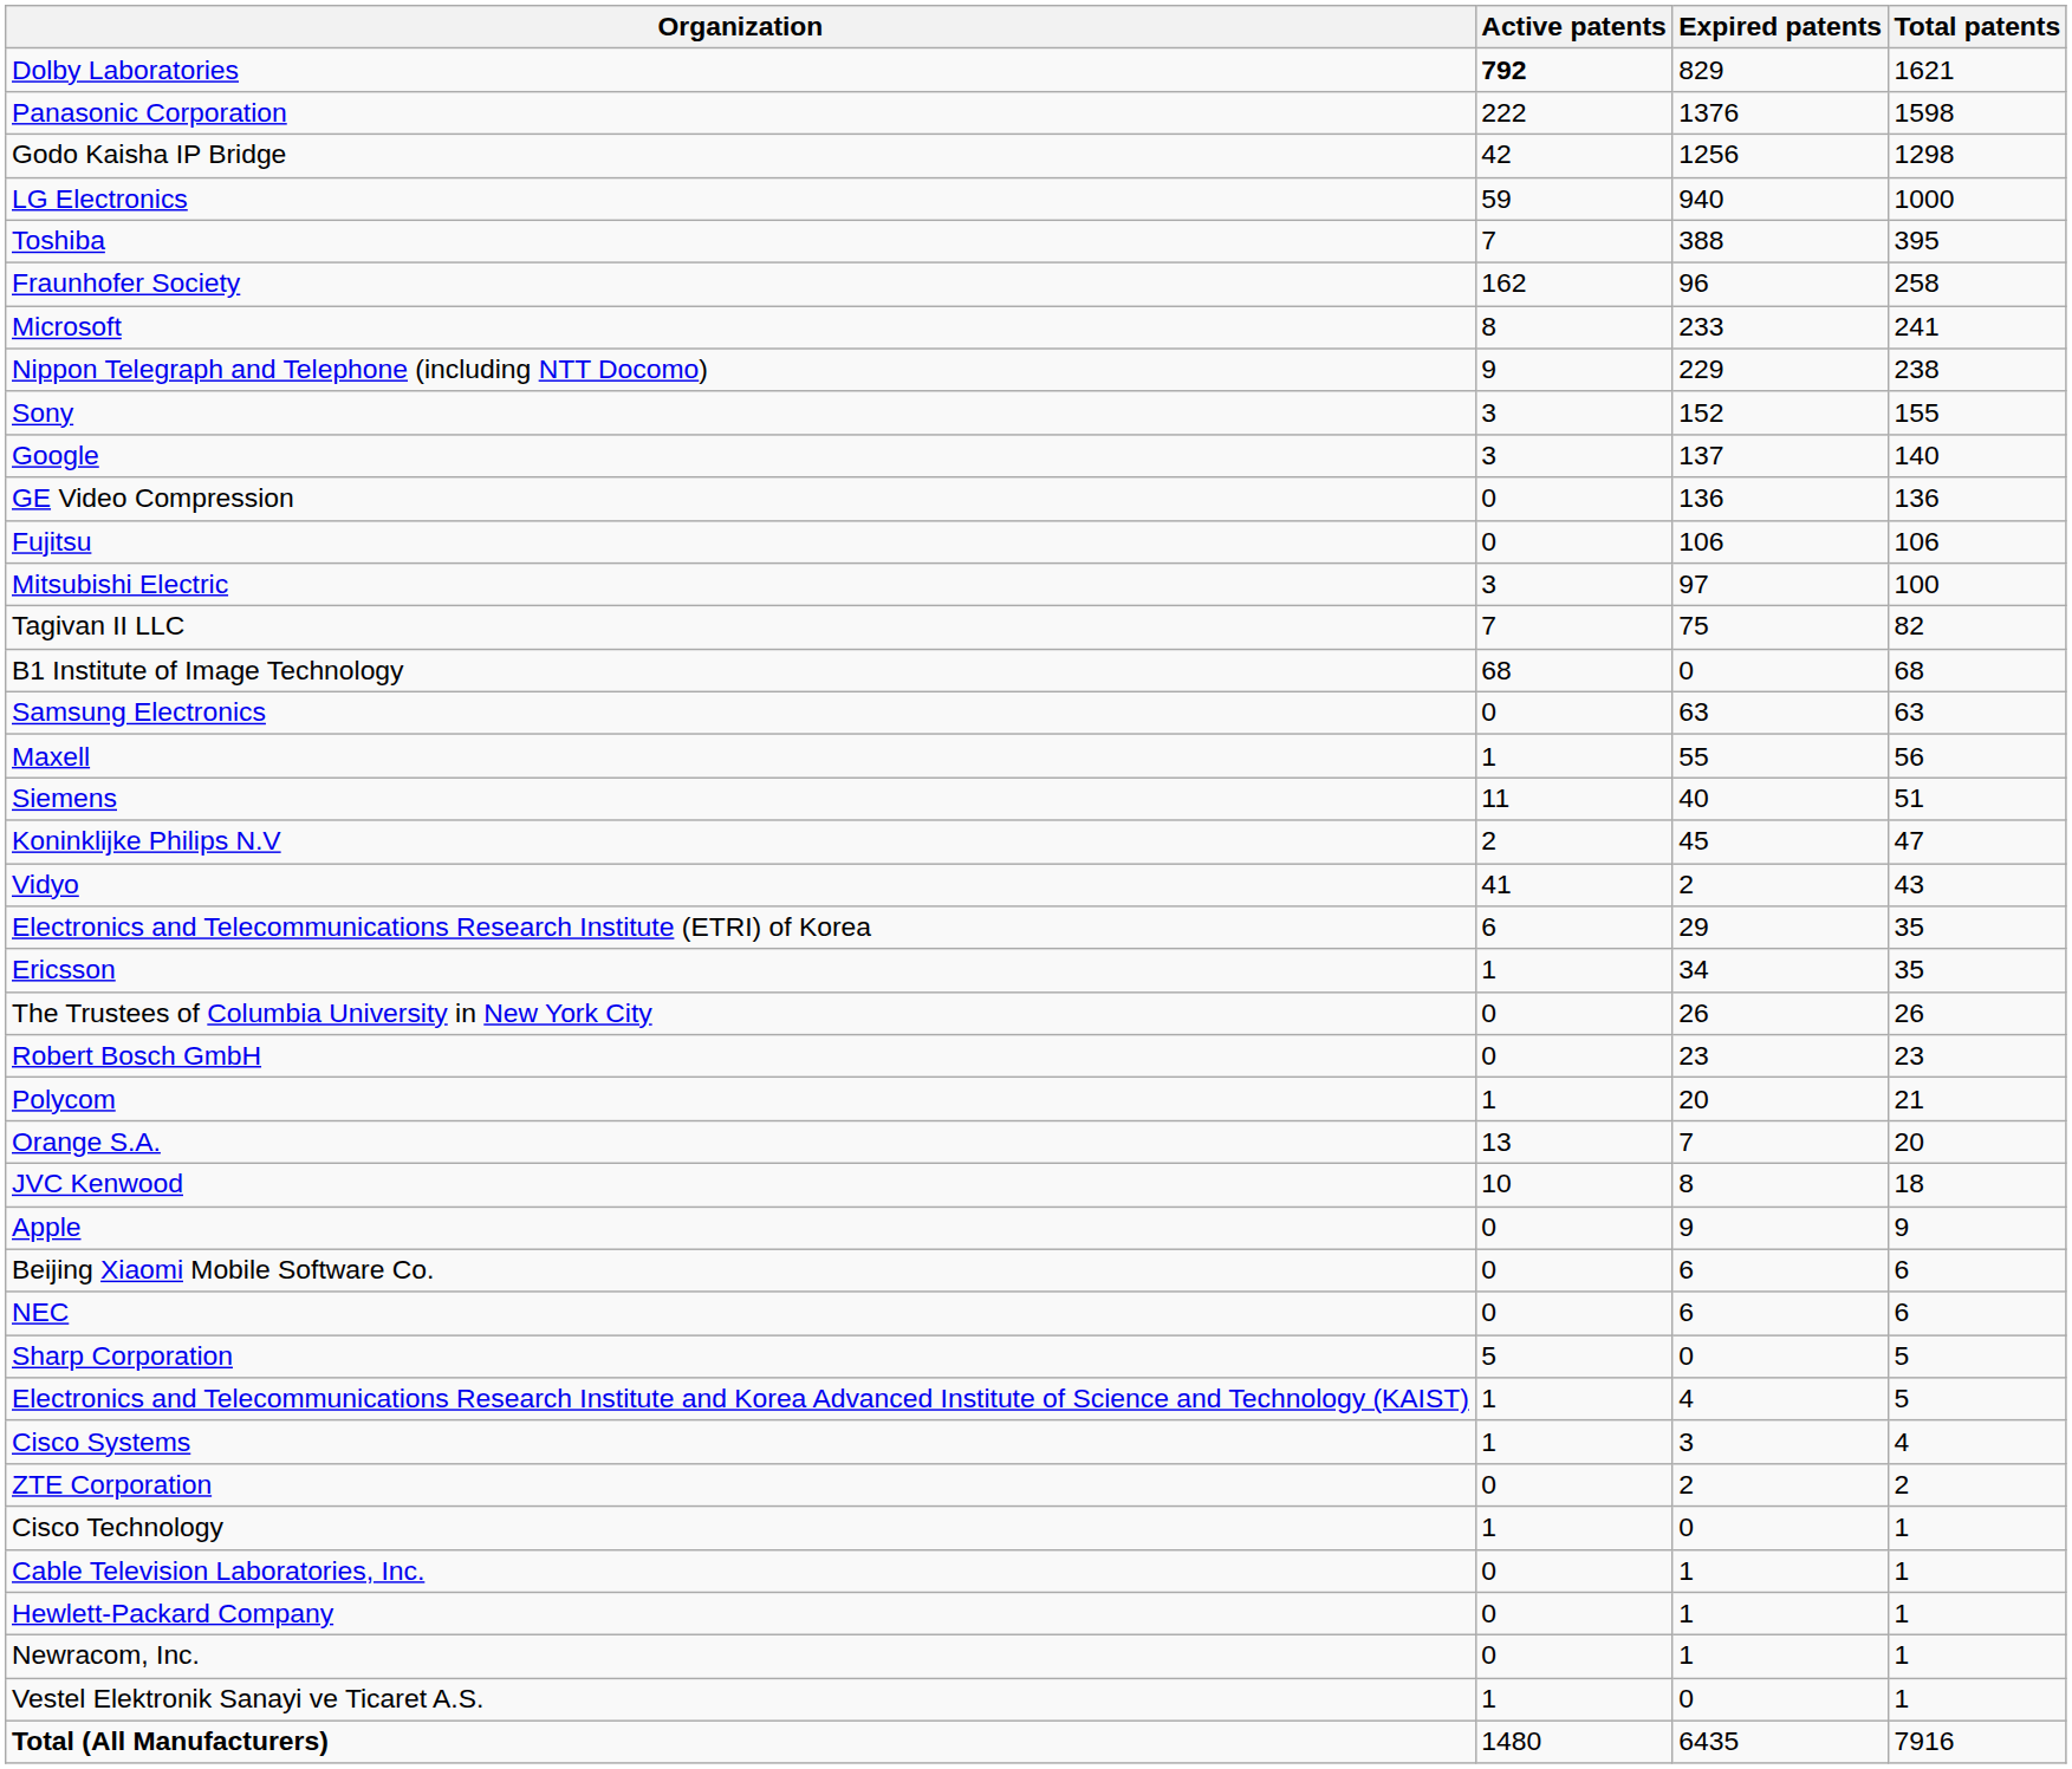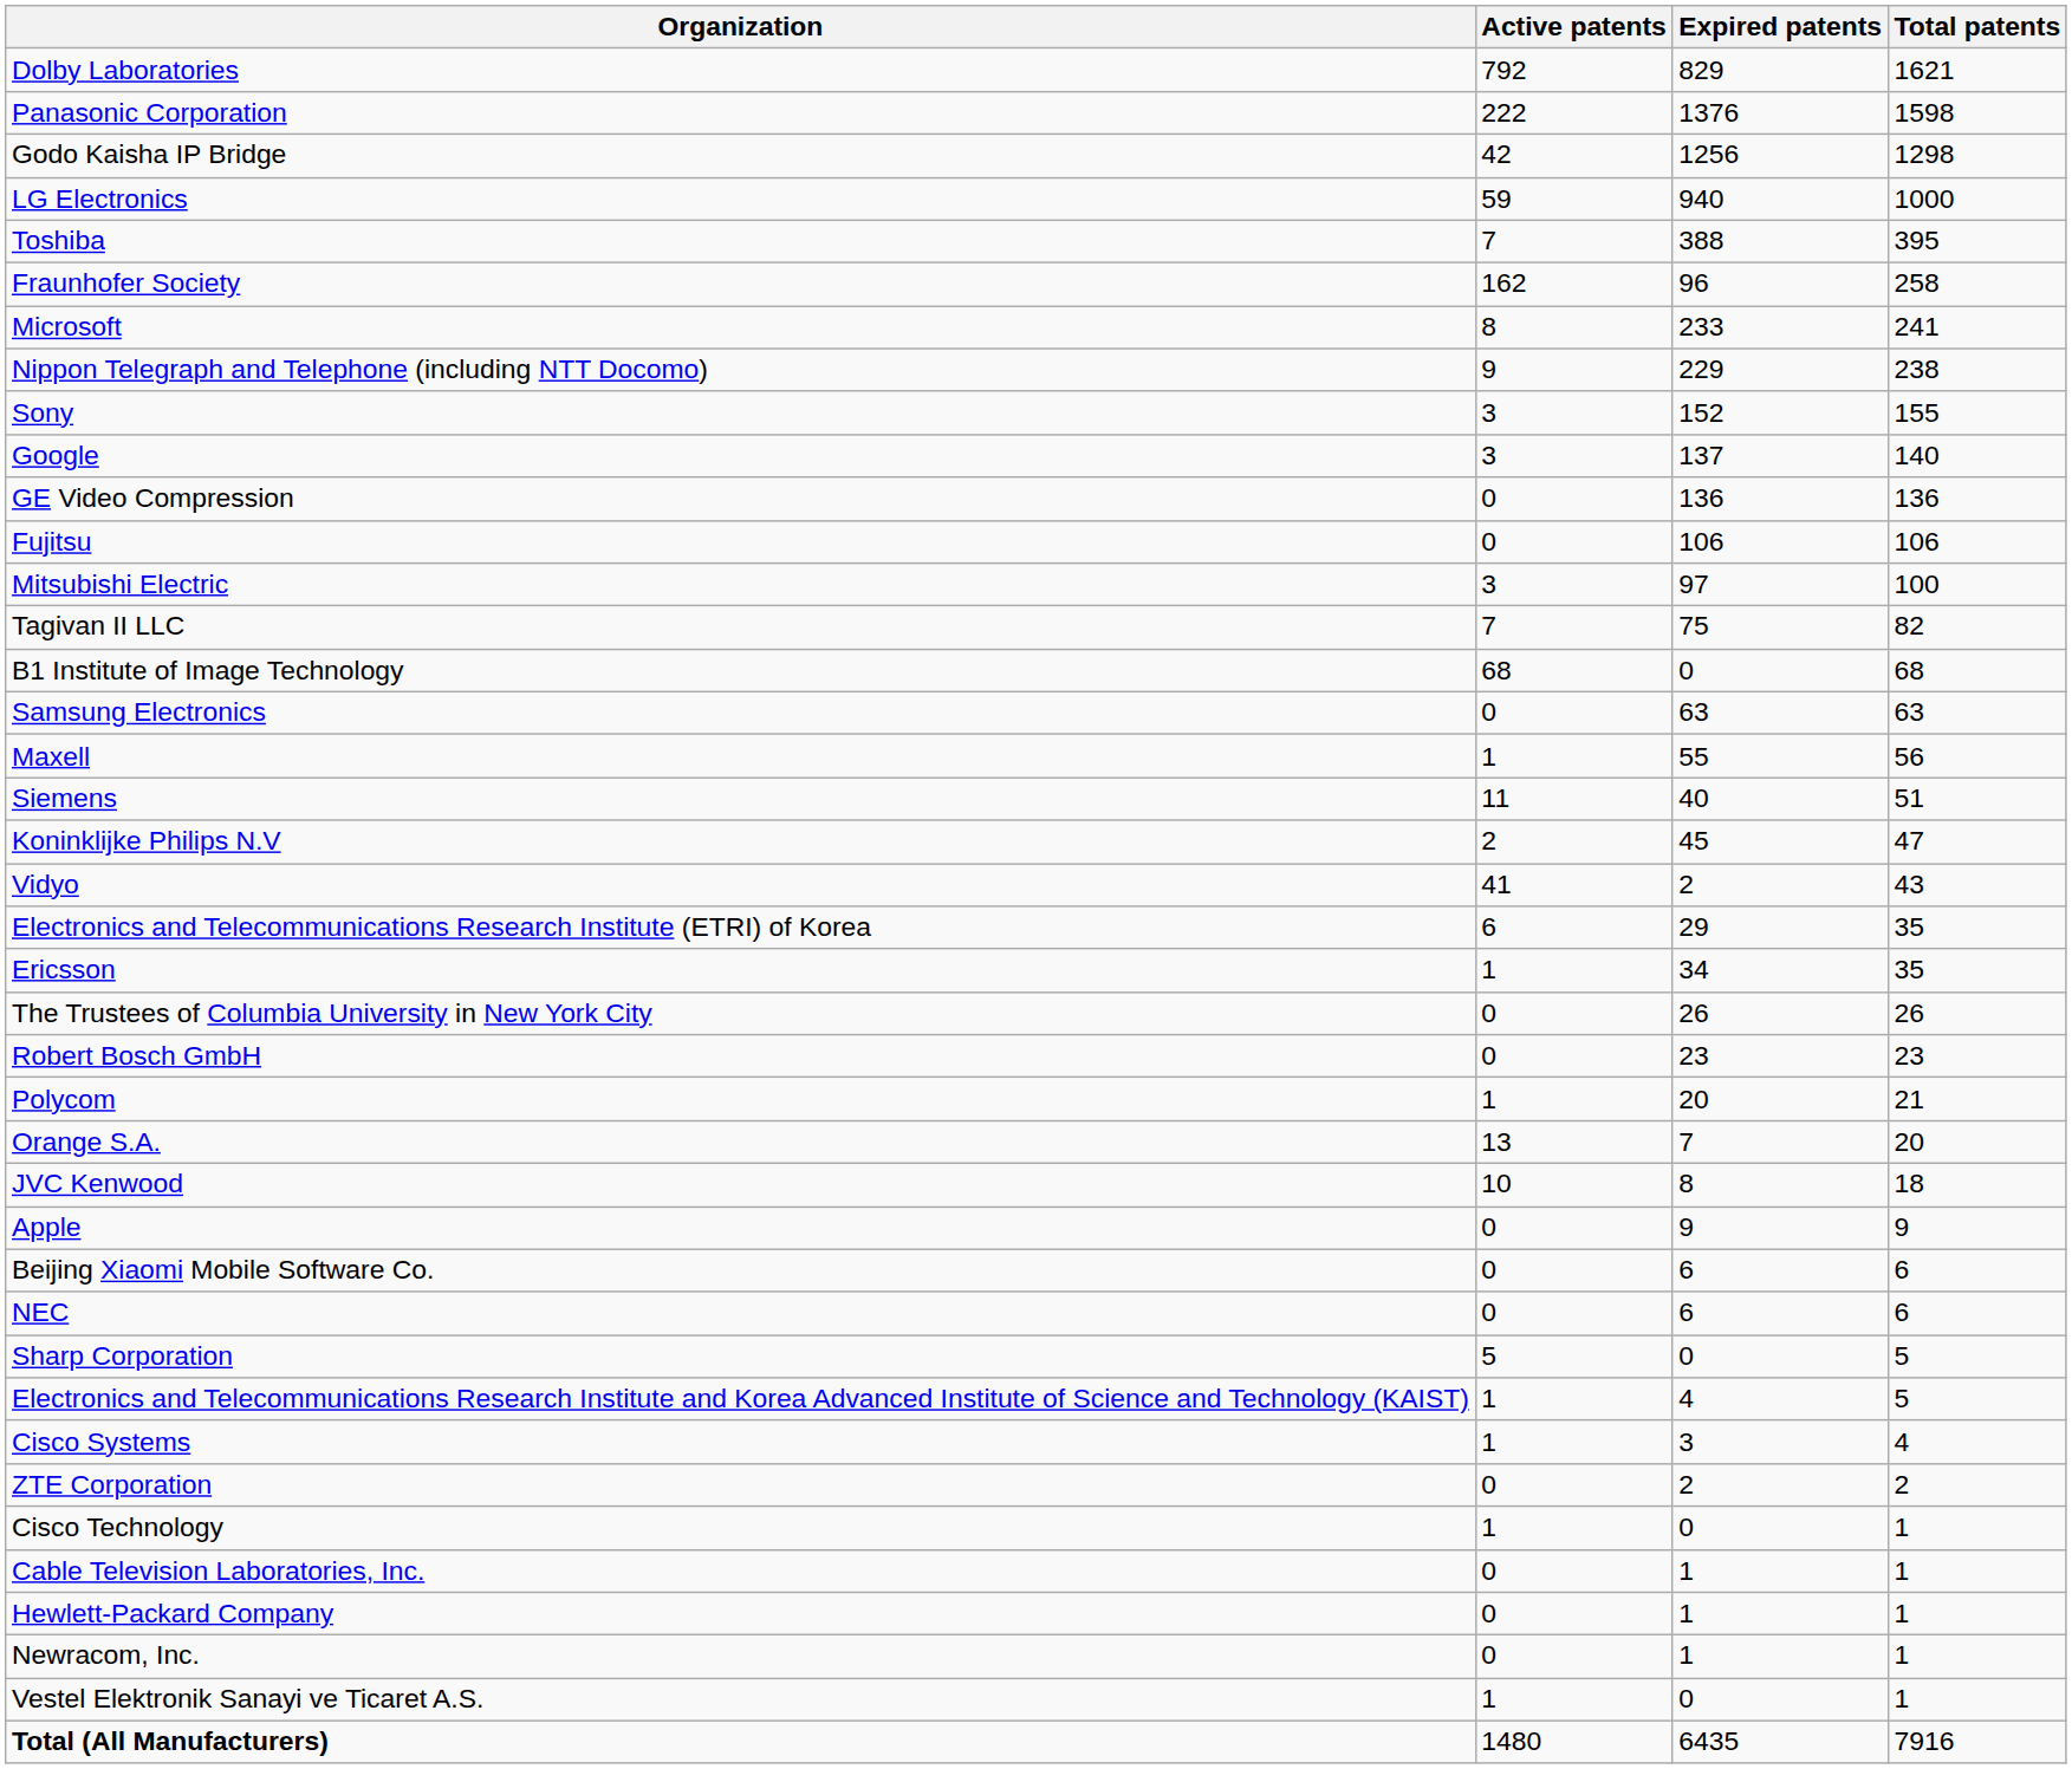 <table class="wikitable sortable">
 <tr>
 <th>Organization</th>
 <th>Active patents</th>
 <th>Expired patents</th>
 <th>Total patents</th>
 </tr>
 <tr>
 <td><a href='#'>Dolby Laboratories</a></td>
-<td><strong>792</strong></td>
+<td>792</td>
 <td>829</td>
 <td>1621</td>
 </tr>
 <tr>
 <td><a href='#'>Panasonic Corporation</a></td>
 <td>222</td>
 <td>1376</td>
 <td>1598</td>
 </tr>
 <tr>
 <td>Godo Kaisha IP Bridge</td>
 <td>42</td>
 <td>1256</td>
 <td>1298</td>
 </tr>
 <tr>
 <td><a href='#'>LG Electronics</a></td>
 <td>59</td>
 <td>940</td>
 <td>1000</td>
 </tr>
 <tr>
 <td><a href='#'>Toshiba</a></td>
 <td>7</td>
 <td>388</td>
 <td>395</td>
 </tr>
 <tr>
 <td><a href='#'>Fraunhofer Society</a></td>
 <td>162</td>
 <td>96</td>
 <td>258</td>
 </tr>
 <tr>
 <td><a href='#'>Microsoft</a></td>
 <td>8</td>
 <td>233</td>
 <td>241</td>
 </tr>
 <tr>
 <td><a href='#'>Nippon Telegraph and Telephone</a> (including <a href='#'>NTT Docomo</a>)</td>
 <td>9</td>
 <td>229</td>
 <td>238</td>
 </tr>
 <tr>
 <td><a href='#'>Sony</a></td>
 <td>3</td>
 <td>152</td>
 <td>155</td>
 </tr>
 <tr>
 <td><a href='#'>Google</a></td>
 <td>3</td>
 <td>137</td>
 <td>140</td>
 </tr>
 <tr>
 <td><a href='#'>GE</a> Video Compression</td>
 <td>0</td>
 <td>136</td>
 <td>136</td>
 </tr>
 <tr>
 <td><a href='#'>Fujitsu</a></td>
 <td>0</td>
 <td>106</td>
 <td>106</td>
 </tr>
 <tr>
 <td><a href='#'>Mitsubishi Electric</a></td>
 <td>3</td>
 <td>97</td>
 <td>100</td>
 </tr>
 <tr>
 <td>Tagivan II LLC</td>
 <td>7</td>
 <td>75</td>
 <td>82</td>
 </tr>
 <tr>
 <td>B1 Institute of Image Technology</td>
 <td>68</td>
 <td>0</td>
 <td>68</td>
 </tr>
 <tr>
 <td><a href='#'>Samsung Electronics</a></td>
 <td>0</td>
 <td>63</td>
 <td>63</td>
 </tr>
 <tr>
 <td><a href='#'>Maxell</a></td>
 <td>1</td>
 <td>55</td>
 <td>56</td>
 </tr>
 <tr>
 <td><a href='#'>Siemens</a></td>
 <td>11</td>
 <td>40</td>
 <td>51</td>
 </tr>
 <tr>
 <td><a href='#'>Koninklijke Philips N.V</a></td>
 <td>2</td>
 <td>45</td>
 <td>47</td>
 </tr>
 <tr>
 <td><a href='#'>Vidyo</a></td>
 <td>41</td>
 <td>2</td>
 <td>43</td>
 </tr>
 <tr>
 <td><a href='#'>Electronics and Telecommunications Research Institute</a> (ETRI) of Korea</td>
 <td>6</td>
 <td>29</td>
 <td>35</td>
 </tr>
 <tr>
 <td><a href='#'>Ericsson</a></td>
 <td>1</td>
 <td>34</td>
 <td>35</td>
 </tr>
 <tr>
 <td>The Trustees of <a href='#'>Columbia University</a> in <a href='#'>New York City</a></td>
 <td>0</td>
 <td>26</td>
 <td>26</td>
 </tr>
 <tr>
 <td><a href='#'>Robert Bosch GmbH</a></td>
 <td>0</td>
 <td>23</td>
 <td>23</td>
 </tr>
 <tr>
 <td><a href='#'>Polycom</a></td>
 <td>1</td>
 <td>20</td>
 <td>21</td>
 </tr>
 <tr>
 <td><a href='#'>Orange S.A.</a></td>
 <td>13</td>
 <td>7</td>
 <td>20</td>
 </tr>
 <tr>
 <td><a href='#'>JVC Kenwood</a></td>
 <td>10</td>
 <td>8</td>
 <td>18</td>
 </tr>
 <tr>
 <td><a href='#'>Apple</a></td>
 <td>0</td>
 <td>9</td>
 <td>9</td>
 </tr>
 <tr>
 <td>Beijing <a href='#'>Xiaomi</a> Mobile Software Co.</td>
 <td>0</td>
 <td>6</td>
 <td>6</td>
 </tr>
 <tr>
 <td><a href='#'>NEC</a></td>
 <td>0</td>
 <td>6</td>
 <td>6</td>
 </tr>
 <tr>
 <td><a href='#'>Sharp Corporation</a></td>
 <td>5</td>
 <td>0</td>
 <td>5</td>
 </tr>
 <tr>
 <td><a href='#'>Electronics and Telecommunications Research Institute and Korea Advanced Institute of Science and Technology (KAIST)</a></td>
 <td>1</td>
 <td>4</td>
 <td>5</td>
 </tr>
 <tr>
 <td><a href='#'>Cisco Systems</a></td>
 <td>1</td>
 <td>3</td>
 <td>4</td>
 </tr>
 <tr>
 <td><a href='#'>ZTE Corporation</a></td>
 <td>0</td>
 <td>2</td>
 <td>2</td>
 </tr>
 <tr>
 <td>Cisco Technology</td>
 <td>1</td>
 <td>0</td>
 <td>1</td>
 </tr>
 <tr>
 <td><a href='#'>Cable Television Laboratories, Inc.</a></td>
 <td>0</td>
 <td>1</td>
 <td>1</td>
 </tr>
 <tr>
 <td><a href='#'>Hewlett-Packard Company</a></td>
 <td>0</td>
 <td>1</td>
 <td>1</td>
 </tr>
 <tr>
 <td>Newracom, Inc.</td>
 <td>0</td>
 <td>1</td>
 <td>1</td>
 </tr>
 <tr>
 <td>Vestel Elektronik Sanayi ve Ticaret A.S.</td>
 <td>1</td>
 <td>0</td>
 <td>1</td>
 </tr>
 <tr>
 <td><strong>Total (All Manufacturers)</strong></td>
 <td>1480</td>
 <td>6435</td>
 <td>7916</td>
 </tr>
 </table>
